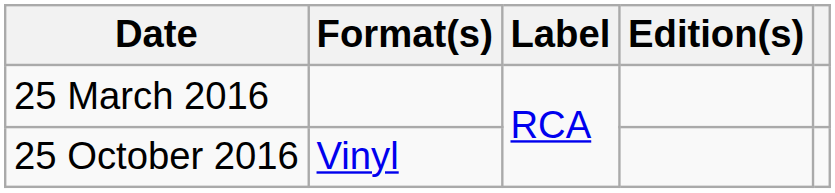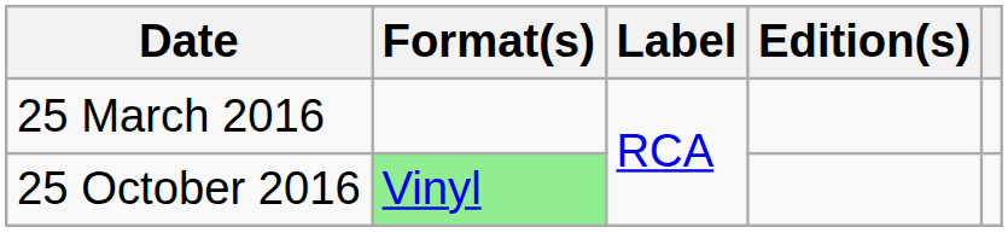 <table class="wikitable plainrowheaders">
 <tr>
 <th scope="col">Date</th>
 <th scope="col">Format(s)</th>
 <th scope="col">Label</th>
 <th scope="col">Edition(s)</th>
 <th scope="col"></th>
 </tr>
 <tr>
 <td>25 March 2016</td>
 <td></td>
 <td rowspan="2"><a href='#'>RCA</a></td>
 <td></td>
 <td style="text-align:center;"></td>
 </tr>
 <tr>
 <td>25 October 2016</td>
-<td><a href='#'>Vinyl</a></td>
+<td style="background: lightgreen;"><a href='#'>Vinyl</a></td>
 <td></td>
 <td style="text-align:center;"></td>
 </tr>
 </table>
